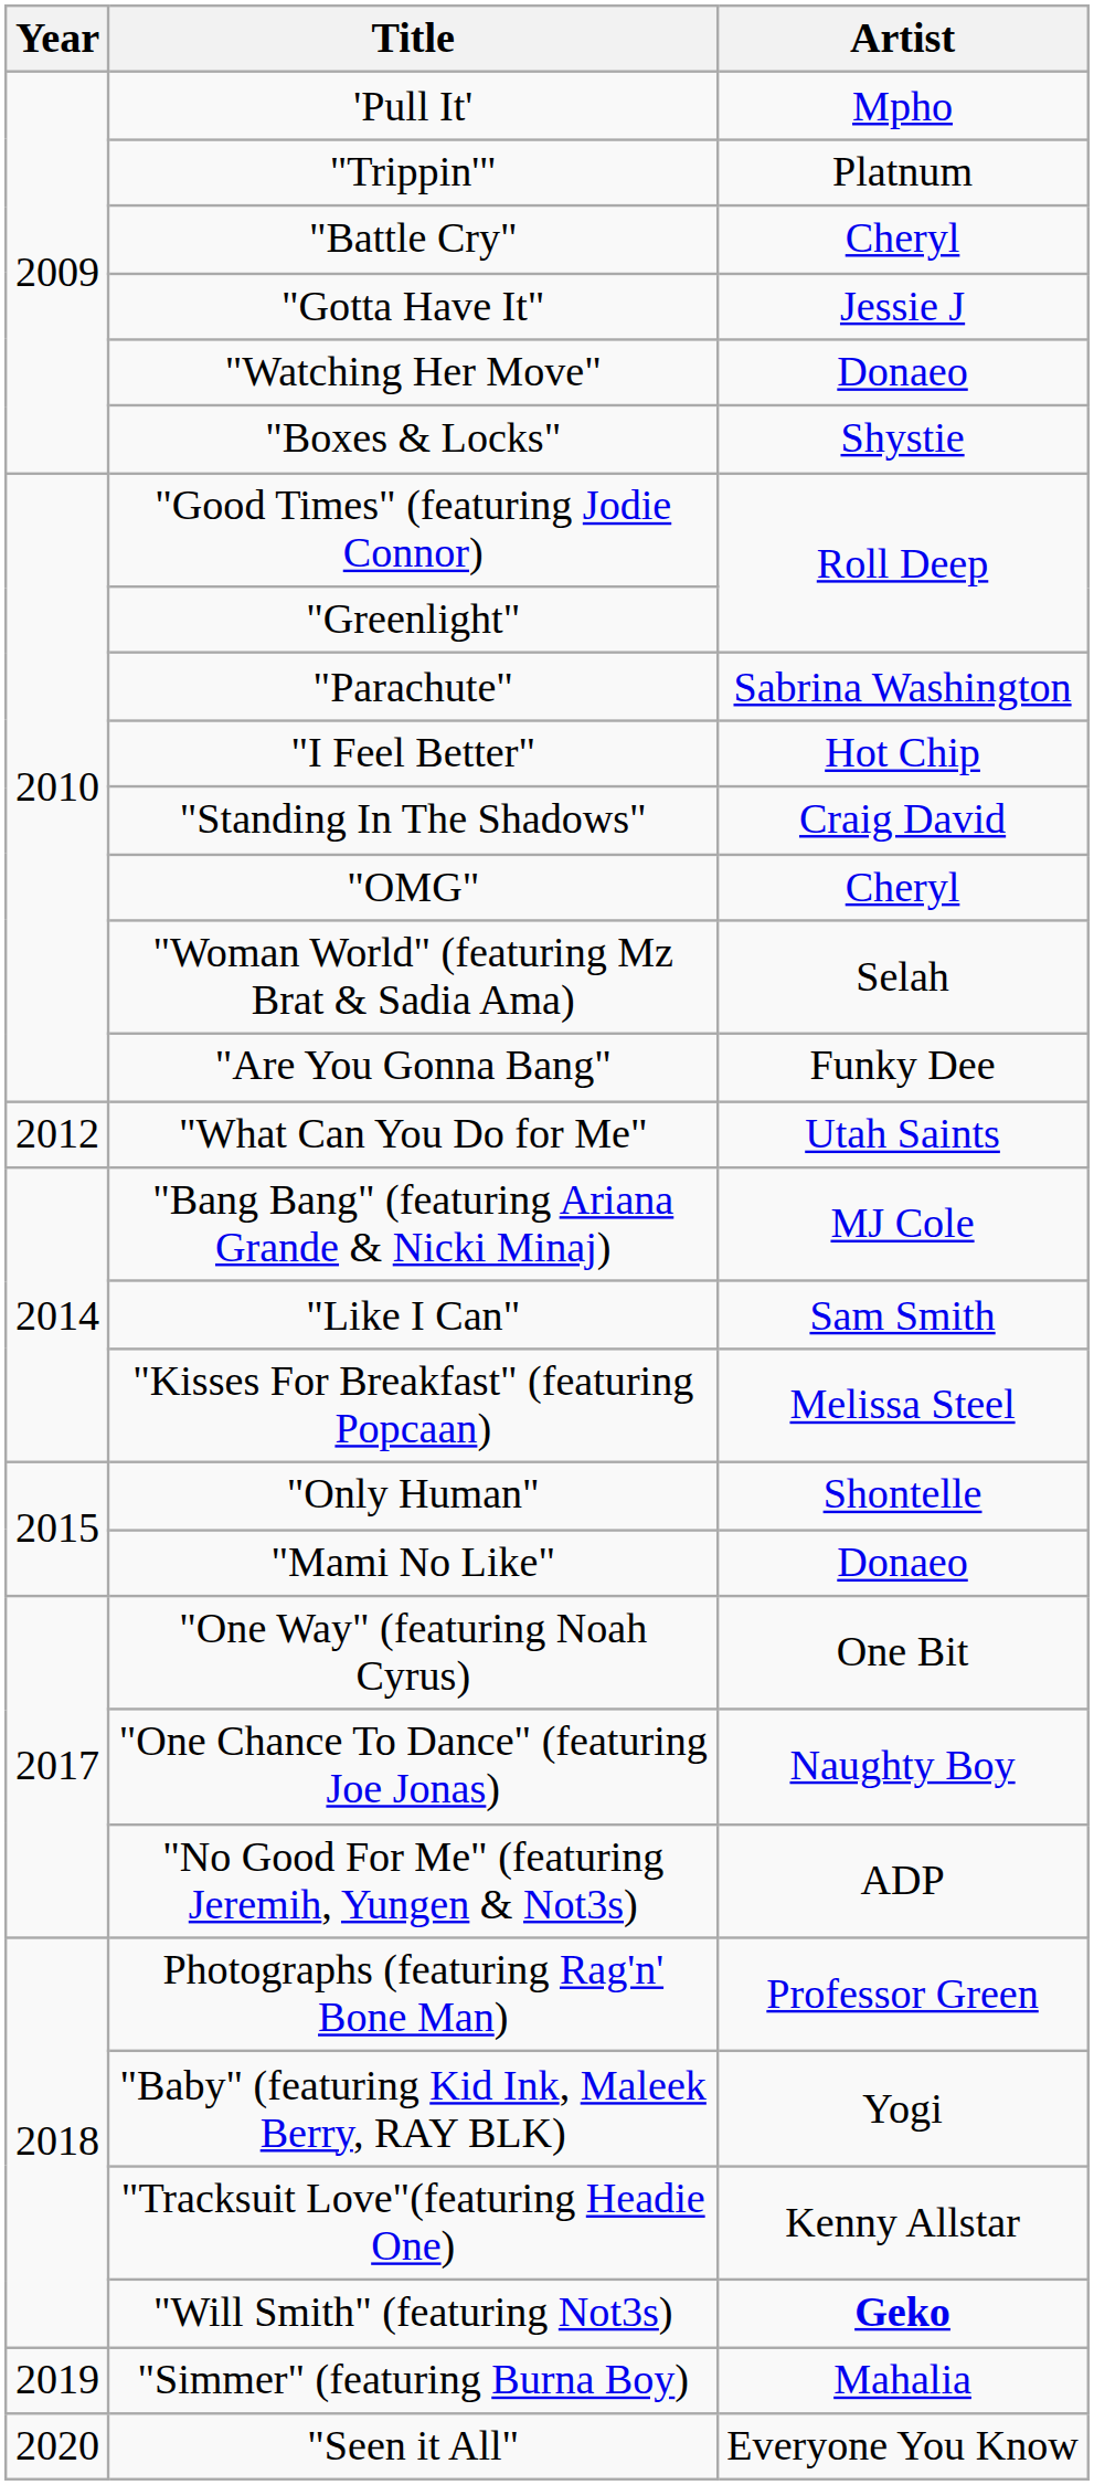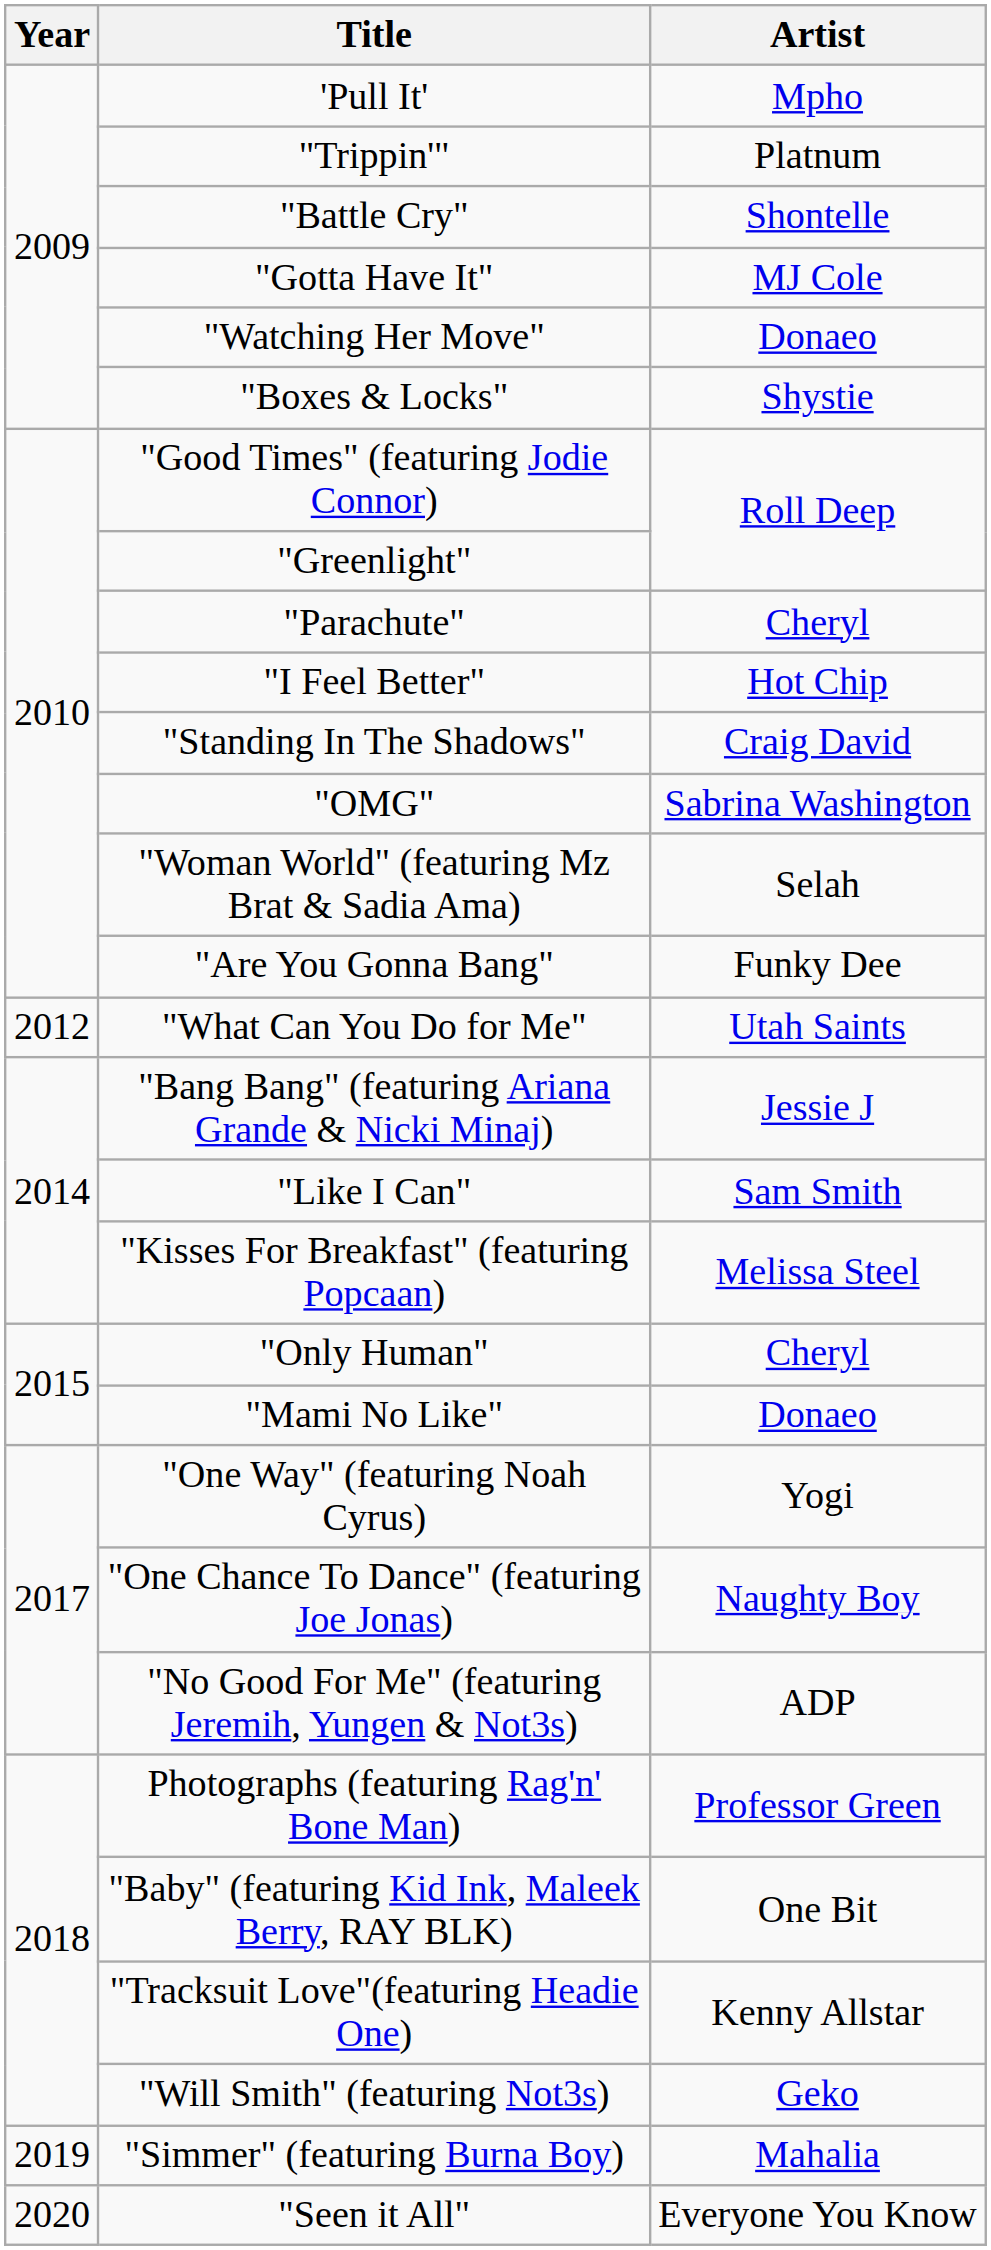 <table class="wikitable plainrowheaders" style="text-align:center;" border="1">
 <tr>
 <th scope="col" style="width:1em;">Year</th>
 <th scope="col" style="width:14em;">Title</th>
 <th scope="col">Artist</th>
 </tr>
 <tr>
 <td rowspan="6">2009</td>
 <td scope="row">'Pull It'</td>
 <td><a href='#'>Mpho</a></td>
 </tr>
 <tr>
 <td scope="row">"Trippin'"</td>
 <td>Platnum</td>
 </tr>
 <tr>
 <td scope="row">"Battle Cry"</td>
-<td><a href='#'>Cheryl</a></td>
+<td><a href='#'>Shontelle</a></td>
 </tr>
 <tr>
 <td>"Gotta Have It"</td>
-<td><a href='#'>Jessie J</a></td>
+<td><a href='#'>MJ Cole</a></td>
 </tr>
 <tr>
 <td>"Watching Her Move"</td>
 <td><a href='#'>Donaeo</a></td>
 </tr>
 <tr>
 <td>"Boxes & Locks"</td>
 <td><a href='#'>Shystie</a></td>
 </tr>
 <tr>
 <td rowspan="8">2010</td>
 <td scope="row">"Good Times" <span>(featuring <a href='#'>Jodie Connor</a>)</span></td>
 <td rowspan="2"><a href='#'>Roll Deep</a></td>
 </tr>
 <tr>
 <td scope="row">"Greenlight"</td>
 </tr>
 <tr>
 <td scope="row">"Parachute"</td>
-<td><a href='#'>Sabrina Washington</a></td>
+<td><a href='#'>Cheryl</a></td>
 </tr>
 <tr>
 <td scope="row">"I Feel Better"</td>
 <td><a href='#'>Hot Chip</a></td>
 </tr>
 <tr>
 <td>"Standing In The Shadows"</td>
 <td><a href='#'>Craig David</a></td>
 </tr>
 <tr>
 <td>"OMG"</td>
-<td><a href='#'>Cheryl</a></td>
+<td><a href='#'>Sabrina Washington</a></td>
 </tr>
 <tr>
 <td>"Woman World" <span>(featuring Mz Brat & Sadia Ama)</span></td>
 <td>Selah</td>
 </tr>
 <tr>
 <td>"Are You Gonna Bang"</td>
 <td>Funky Dee</td>
 </tr>
 <tr>
 <td>2012</td>
 <td>"What Can You Do for Me"</td>
 <td><a href='#'>Utah Saints</a></td>
 </tr>
 <tr>
 <td rowspan="3">2014</td>
 <td scope="row">"Bang Bang" <span>(featuring <a href='#'>Ariana Grande</a> & <a href='#'>Nicki Minaj</a>)</span></td>
-<td><a href='#'>MJ Cole</a></td>
+<td><a href='#'>Jessie J</a></td>
 </tr>
 <tr>
 <td scope="row">"Like I Can"</td>
 <td><a href='#'>Sam Smith</a></td>
 </tr>
 <tr>
 <td scope="row">"Kisses For Breakfast" <span>(featuring  <a href='#'>Popcaan</a>)</span></td>
 <td><a href='#'>Melissa Steel</a></td>
 </tr>
 <tr>
 <td rowspan="2">2015</td>
 <td>"Only Human"</td>
-<td><a href='#'>Shontelle</a></td>
+<td><a href='#'>Cheryl</a></td>
 </tr>
 <tr>
 <td scope="row">"Mami No Like"</td>
 <td><a href='#'>Donaeo</a></td>
 </tr>
 <tr>
 <td rowspan="3">2017</td>
 <td scope="row">"One Way" <span>(featuring Noah Cyrus)</span></td>
-<td>One Bit</td>
+<td>Yogi</td>
 </tr>
 <tr>
 <td>"One Chance To Dance" <span>(featuring <a href='#'>Joe Jonas</a>)</span></td>
 <td><a href='#'>Naughty Boy</a></td>
 </tr>
 <tr>
 <td scope="row">"No Good For Me" <span>(featuring <a href='#'>Jeremih</a>, <a href='#'>Yungen</a> & <a href='#'>Not3s</a>)</span></td>
 <td>ADP</td>
 </tr>
 <tr>
 <td rowspan="4">2018</td>
 <td>Photographs (<span>featuring <a href='#'>Rag'n' Bone Man</a>)</span></td>
 <td><a href='#'>Professor Green</a></td>
 </tr>
 <tr>
 <td scope="row">"Baby" <span>(featuring <a href='#'>Kid Ink</a>, <a href='#'>Maleek Berry</a>, RAY BLK)</span></td>
-<td>Yogi</td>
+<td>One Bit</td>
 </tr>
 <tr>
 <td>"Tracksuit Love"<span>(featuring <a href='#'>Headie One</a>)</span></td>
 <td>Kenny Allstar</td>
 </tr>
 <tr>
 <td>"Will Smith" <span>(featuring <a href='#'>Not3s</a>)</span></td>
-<td><strong><a href='#'>Geko</a></strong></td>
+<td><a href='#'>Geko</a></td>
 </tr>
 <tr>
 <td>2019</td>
 <td scope="row">"Simmer" <span>(featuring <a href='#'>Burna Boy</a>)</span></td>
 <td><a href='#'>Mahalia</a></td>
 </tr>
 <tr>
 <td>2020</td>
 <td>"Seen it All"</td>
 <td>Everyone You Know</td>
 </tr>
 </table>
